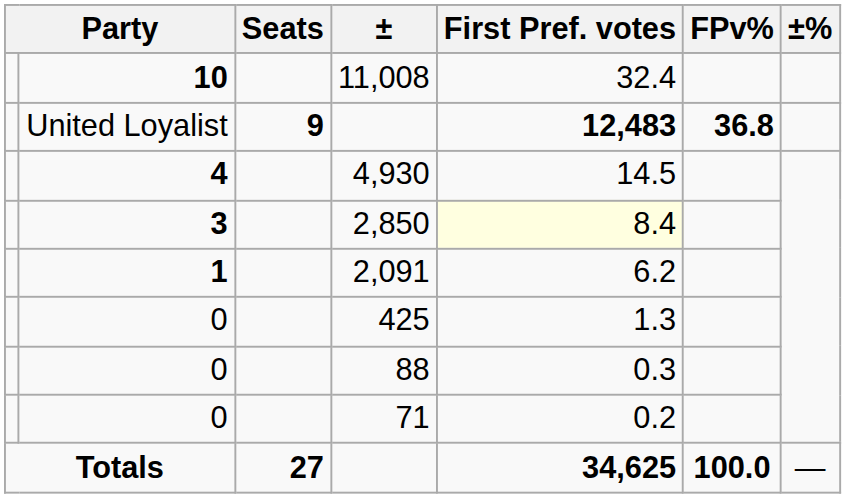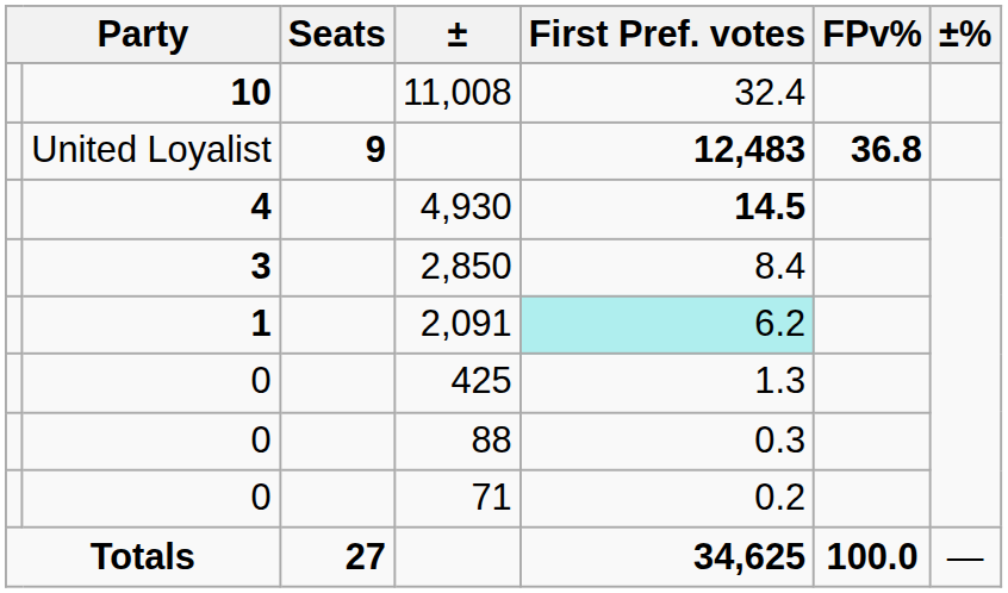 <table class=wikitable>
 <tr>
 <th colspan=2 align=center>Party</th>
 <th valign=top>Seats</th>
 <th valign=top>±</th>
 <th valign=top>First Pref. votes</th>
 <th valign=top>FPv%</th>
 <th valign=top>±%</th>
 </tr>
 <tr>
 <td></td>
 <td align=right><strong>10</strong></td>
 <td align=right></td>
 <td align=right>11,008</td>
 <td align=right>32.4</td>
 <td align=right></td>
 </tr>
 <tr>
 <td></td>
 <td>United Loyalist</td>
 <td align=right><strong>9</strong></td>
 <td align=right></td>
 <td align=right><strong>12,483</strong></td>
 <td align=right><strong>36.8</strong></td>
 <td align=right></td>
 </tr>
 <tr>
 <td></td>
 <td align=right><strong>4</strong></td>
 <td align=right></td>
 <td align=right>4,930</td>
-<td align=right>14.5</td>
+<td align=right><strong>14.5</strong></td>
 <td align=right></td>
 </tr>
 <tr>
 <td></td>
 <td align=right><strong>3</strong></td>
 <td align=right></td>
 <td align=right>2,850</td>
-<td align=right style="background: lightyellow;">8.4</td>
+<td align=right>8.4</td>
 <td align=right></td>
 </tr>
 <tr>
 <td></td>
 <td align=right><strong>1</strong></td>
 <td align=right></td>
 <td align=right>2,091</td>
-<td align=right>6.2</td>
+<td align=right style="background: paleturquoise;">6.2</td>
 <td align=right></td>
 </tr>
 <tr>
 <td></td>
 <td align=right>0</td>
 <td align=right></td>
 <td align=right>425</td>
 <td align=right>1.3</td>
 <td align=right></td>
 </tr>
 <tr>
 <td></td>
 <td align=right>0</td>
 <td align=right></td>
 <td align=right>88</td>
 <td align=right>0.3</td>
 <td align=right></td>
 </tr>
 <tr>
 <td></td>
 <td align=right>0</td>
 <td align=right></td>
 <td align=right>71</td>
 <td align=right>0.2</td>
 <td align=right></td>
 </tr>
 <tr>
 <td colspan=2 align=center><strong>Totals</strong></td>
 <td align=right><strong>27</strong></td>
 <td align=center></td>
 <td align=right><strong>34,625</strong></td>
 <td align=center><strong>100.0</strong></td>
 <td align=center>—</td>
 </tr>
 </table>
